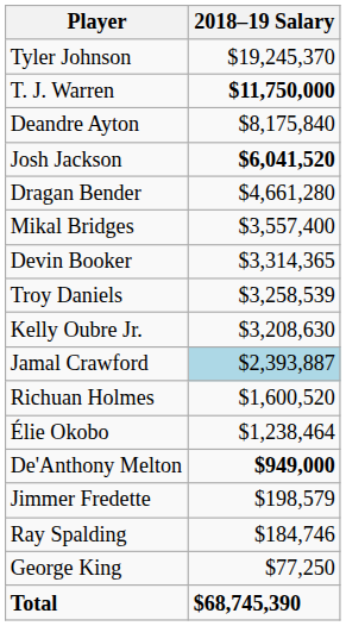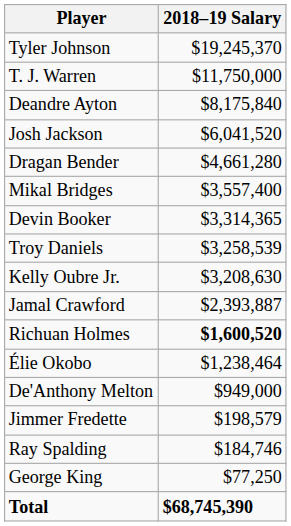 <table style="width:250px;" class="wikitable sortable sortable">
 <tr>
 <th style=>Player</th>
 <th style=>2018–19 Salary</th>
 </tr>
 <tr>
 <td>Tyler Johnson</td>
 <td style="text-align:right;">$19,245,370</td>
 </tr>
 <tr>
 <td>T. J. Warren</td>
-<td style="text-align:right;"><strong>$11,750,000</strong></td>
+<td style="text-align:right;">$11,750,000</td>
 </tr>
 <tr>
 <td>Deandre Ayton</td>
 <td style="text-align:right;">$8,175,840</td>
 </tr>
 <tr>
 <td>Josh Jackson</td>
-<td style="text-align:right;"><strong>$6,041,520</strong></td>
+<td style="text-align:right;">$6,041,520</td>
 </tr>
 <tr>
 <td>Dragan Bender</td>
 <td style="text-align:right;">$4,661,280</td>
 </tr>
 <tr>
 <td>Mikal Bridges</td>
 <td style="text-align:right;">$3,557,400</td>
 </tr>
 <tr>
 <td>Devin Booker</td>
 <td style="text-align:right;">$3,314,365</td>
 </tr>
 <tr>
 <td>Troy Daniels</td>
 <td style="text-align:right;">$3,258,539</td>
 </tr>
 <tr>
 <td>Kelly Oubre Jr.</td>
 <td style="text-align:right;">$3,208,630</td>
 </tr>
 <tr>
 <td>Jamal Crawford</td>
-<td style="background: lightblue; text-align:right;">$2,393,887</td>
+<td style="text-align:right;">$2,393,887</td>
 </tr>
 <tr>
 <td>Richuan Holmes</td>
-<td style="text-align:right;">$1,600,520</td>
+<td style="text-align:right;"><strong>$1,600,520</strong></td>
 </tr>
 <tr>
 <td>Élie Okobo</td>
 <td style="text-align:right;">$1,238,464</td>
 </tr>
 <tr>
 <td>De'Anthony Melton</td>
-<td style="text-align:right;"><strong>$949,000</strong></td>
+<td style="text-align:right;">$949,000</td>
 </tr>
 <tr>
 <td>Jimmer Fredette</td>
 <td style="text-align:right;">$198,579</td>
 </tr>
 <tr>
 <td>Ray Spalding</td>
 <td style="text-align:right;">$184,746</td>
 </tr>
 <tr>
 <td>George King</td>
 <td style="text-align:right;">$77,250</td>
 </tr>
 <tr class="sortbottom">
 <td style=><strong>Total</strong></td>
 <td style=><strong>$68,745,390</strong></td>
 </tr>
 </table>
